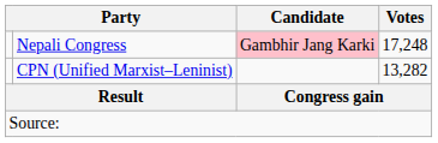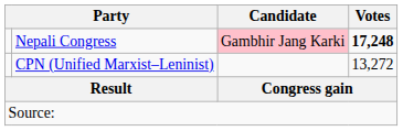 <table class="wikitable">
 <tr>
 <th colspan="2">Party</th>
 <th>Candidate</th>
 <th>Votes</th>
 </tr>
 <tr>
 <td style="background-color:"></td>
 <td><a href='#'>Nepali Congress</a></td>
 <td style="background: pink;">Gambhir Jang Karki</td>
-<td>17,248</td>
+<td><strong>17,248</strong></td>
 </tr>
 <tr>
 <td style="background-color:"></td>
 <td><a href='#'>CPN (Unified Marxist–Leninist)</a></td>
 <td></td>
-<td>13,282</td>
+<td>13,272</td>
 </tr>
 <tr>
 <th colspan="2">Result</th>
 <th colspan="2">Congress gain</th>
 </tr>
 <tr>
 <td colspan="4">Source: </td>
 </tr>
 </table>
